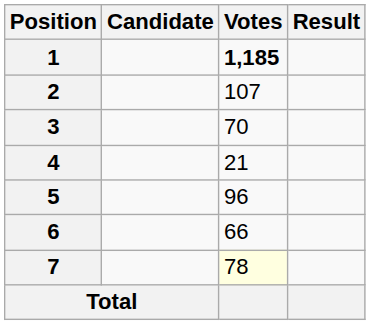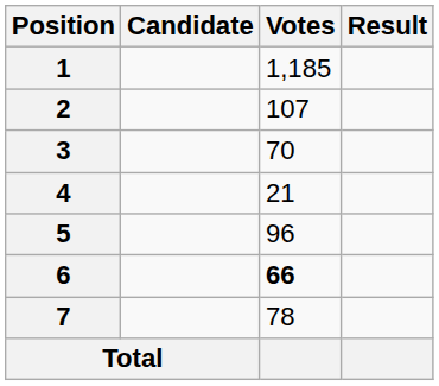 <table class="wikitable sortable col3right">
 <tr>
 <th scope="col">Position</th>
 <th scope="col">Candidate</th>
 <th scope="col">Votes</th>
 <th scope="col">Result</th>
 </tr>
 <tr>
 <th scope="row">1</th>
 <td></td>
-<td><strong>1,185</strong></td>
+<td>1,185</td>
 <td></td>
 </tr>
 <tr>
 <th scope="row">2</th>
 <td></td>
 <td>107</td>
 <td></td>
 </tr>
 <tr>
 <th scope="row">3</th>
 <td></td>
 <td>70</td>
 <td></td>
 </tr>
 <tr>
 <th scope="row">4</th>
 <td></td>
 <td>21</td>
 <td></td>
 </tr>
 <tr>
 <th scope="row">5</th>
 <td></td>
 <td>96</td>
 <td></td>
 </tr>
 <tr>
 <th scope="row">6</th>
 <td></td>
-<td>66</td>
+<td><strong>66</strong></td>
 <td></td>
 </tr>
 <tr>
 <th scope="row">7</th>
 <td></td>
-<td style="background: lightyellow;">78</td>
+<td>78</td>
 <td></td>
 </tr>
 <tr class="sortbottom">
 <th scope="row" colspan="2">Total</th>
 <th></th>
 <th></th>
 </tr>
 </table>
